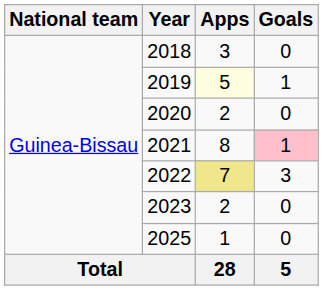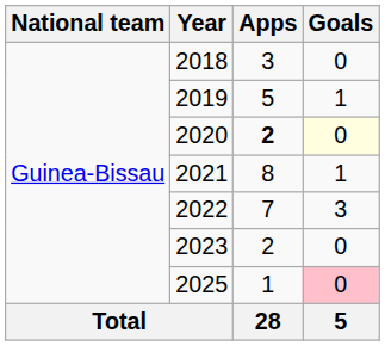 <table class="wikitable" style="text-align:center">
 <tr>
 <th>National team</th>
 <th>Year</th>
 <th>Apps</th>
 <th>Goals</th>
 </tr>
 <tr>
 <td rowspan="7"><a href='#'>Guinea-Bissau</a></td>
 <td>2018</td>
 <td>3</td>
 <td>0</td>
 </tr>
 <tr>
 <td>2019</td>
-<td style="background: lightyellow;">5</td>
+<td>5</td>
 <td>1</td>
 </tr>
 <tr>
 <td>2020</td>
-<td>2</td>
-<td>0</td>
+<td><strong>2</strong></td>
+<td style="background: lightyellow;">0</td>
 </tr>
 <tr>
 <td>2021</td>
 <td>8</td>
-<td style="background: pink;">1</td>
+<td>1</td>
 </tr>
 <tr>
 <td>2022</td>
-<td style="background: khaki;">7</td>
+<td>7</td>
 <td>3</td>
 </tr>
 <tr>
 <td>2023</td>
 <td>2</td>
 <td>0</td>
 </tr>
 <tr>
 <td>2025</td>
 <td>1</td>
-<td>0</td>
+<td style="background: pink;">0</td>
 </tr>
 <tr>
 <th colspan="2">Total</th>
 <th>28</th>
 <th>5</th>
 </tr>
 </table>
